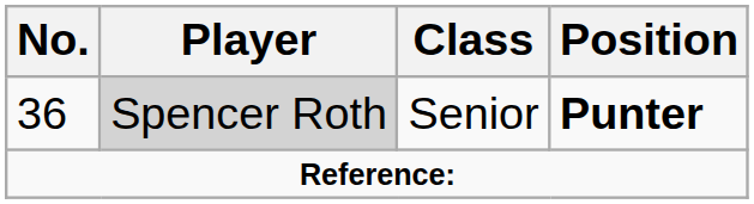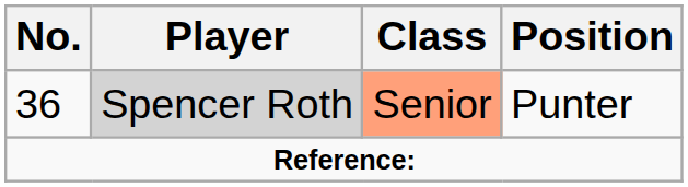 <table class="wikitable">
 <tr>
 <th>No.</th>
 <th>Player</th>
 <th>Class</th>
 <th>Position</th>
 </tr>
 <tr>
 <td>36</td>
 <td style="background: lightgrey;">Spencer Roth</td>
-<td>Senior</td>
-<td><strong>Punter</strong></td>
+<td style="background: lightsalmon;">Senior</td>
+<td>Punter</td>
 </tr>
 <tr>
 <td colspan="4"  style="font-size:8pt; text-align:center;"><strong>Reference:</strong></td>
 </tr>
 </table>
